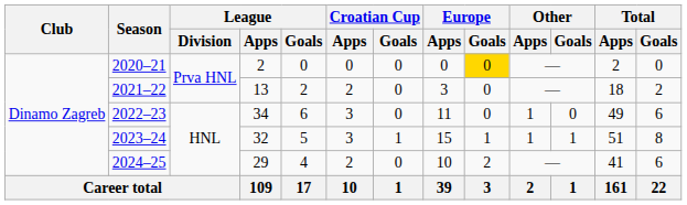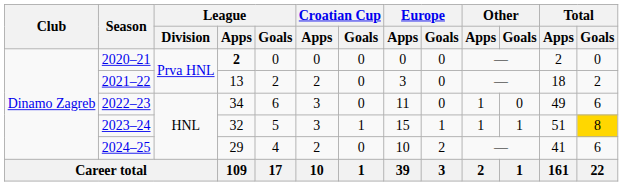 <table class="wikitable" style="text-align:center">
 <tr>
 <th rowspan="2">Club</th>
 <th rowspan="2">Season</th>
 <th colspan="3">League</th>
 <th colspan="2"><a href='#'>Croatian Cup</a></th>
 <th colspan="2"><a href='#'>Europe</a></th>
 <th colspan="2">Other</th>
 <th colspan="2">Total</th>
 </tr>
 <tr>
 <th>Division</th>
 <th>Apps</th>
 <th>Goals</th>
 <th>Apps</th>
 <th>Goals</th>
 <th>Apps</th>
 <th>Goals</th>
 <th>Apps</th>
 <th>Goals</th>
 <th>Apps</th>
 <th>Goals</th>
 </tr>
 <tr>
 <td rowspan="5"><a href='#'>Dinamo Zagreb</a></td>
 <td><a href='#'>2020–21</a></td>
 <td rowspan="2"><a href='#'>Prva HNL</a></td>
-<td>2</td>
+<td><strong>2</strong></td>
 <td>0</td>
 <td>0</td>
 <td>0</td>
 <td>0</td>
-<td style="background: gold;">0</td>
+<td>0</td>
 <td colspan="2">—</td>
 <td>2</td>
 <td>0</td>
 </tr>
 <tr>
 <td><a href='#'>2021–22</a></td>
 <td>13</td>
 <td>2</td>
 <td>2</td>
 <td>0</td>
 <td>3</td>
 <td>0</td>
 <td colspan="2">—</td>
 <td>18</td>
 <td>2</td>
 </tr>
 <tr>
 <td><a href='#'>2022–23</a></td>
 <td rowspan="3">HNL</td>
 <td>34</td>
 <td>6</td>
 <td>3</td>
 <td>0</td>
 <td>11</td>
 <td>0</td>
 <td>1</td>
 <td>0</td>
 <td>49</td>
 <td>6</td>
 </tr>
 <tr>
 <td><a href='#'>2023–24</a></td>
 <td>32</td>
 <td>5</td>
 <td>3</td>
 <td>1</td>
 <td>15</td>
 <td>1</td>
 <td>1</td>
 <td>1</td>
 <td>51</td>
-<td>8</td>
+<td style="background: gold;">8</td>
 </tr>
 <tr>
 <td><a href='#'>2024–25</a></td>
 <td>29</td>
 <td>4</td>
 <td>2</td>
 <td>0</td>
 <td>10</td>
 <td>2</td>
 <td colspan="2">—</td>
 <td>41</td>
 <td>6</td>
 </tr>
 <tr>
 <th colspan="3">Career total</th>
 <th>109</th>
 <th>17</th>
 <th>10</th>
 <th>1</th>
 <th>39</th>
 <th>3</th>
 <th>2</th>
 <th>1</th>
 <th>161</th>
 <th>22</th>
 </tr>
 </table>
